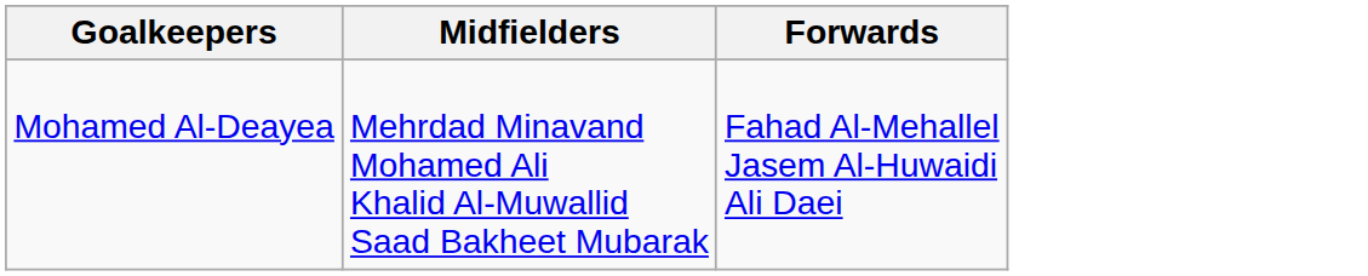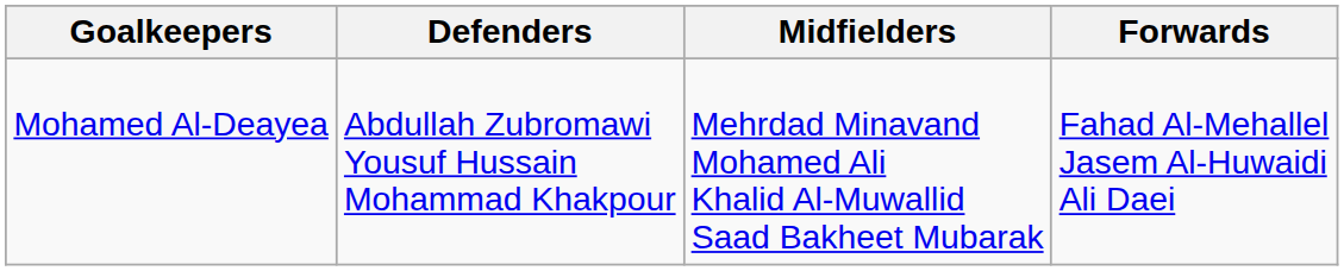 <table class="wikitable">
 <tr>
 <th>Goalkeepers</th>
+<th>Defenders</th>
 <th>Midfielders</th>
 <th>Forwards</th>
 </tr>
 <tr>
 <td align=left valign=top><br> <a href='#'>Mohamed Al-Deayea</a></td>
+<td align=left valign=top><br> <a href='#'>Abdullah Zubromawi</a> <br>  <a href='#'>Yousuf Hussain</a> <br>  <a href='#'>Mohammad Khakpour</a></td>
 <td align=left valign=top><br> <a href='#'>Mehrdad Minavand</a> <br>  <a href='#'>Mohamed Ali</a> <br>  <a href='#'>Khalid Al-Muwallid</a> <br>  <a href='#'>Saad Bakheet Mubarak</a></td>
 <td align=left valign=top><br> <a href='#'>Fahad Al-Mehallel</a> <br>  <a href='#'>Jasem Al-Huwaidi</a> <br>  <a href='#'>Ali Daei</a></td>
 </tr>
 </table>
